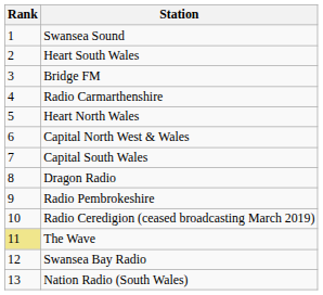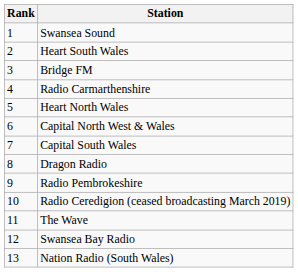 <table class="wikitable">
 <tr>
 <th>Rank</th>
 <th>Station</th>
 </tr>
 <tr>
 <td>1</td>
 <td>Swansea Sound</td>
 </tr>
 <tr>
 <td>2</td>
 <td>Heart South Wales</td>
 </tr>
 <tr>
 <td>3</td>
 <td>Bridge FM</td>
 </tr>
 <tr>
 <td>4</td>
 <td>Radio Carmarthenshire</td>
 </tr>
 <tr>
 <td>5</td>
 <td>Heart North Wales</td>
 </tr>
 <tr>
 <td>6</td>
 <td>Capital North West & Wales</td>
 </tr>
 <tr>
 <td>7</td>
 <td>Capital South Wales</td>
 </tr>
 <tr>
 <td>8</td>
 <td>Dragon Radio</td>
 </tr>
 <tr>
 <td>9</td>
 <td>Radio Pembrokeshire</td>
 </tr>
 <tr>
 <td>10</td>
 <td>Radio Ceredigion (ceased broadcasting March 2019)</td>
 </tr>
 <tr>
-<td style="background: khaki;">11</td>
+<td>11</td>
 <td>The Wave</td>
 </tr>
 <tr>
 <td>12</td>
 <td>Swansea Bay Radio</td>
 </tr>
 <tr>
 <td>13</td>
 <td>Nation Radio (South Wales)</td>
 </tr>
 </table>
